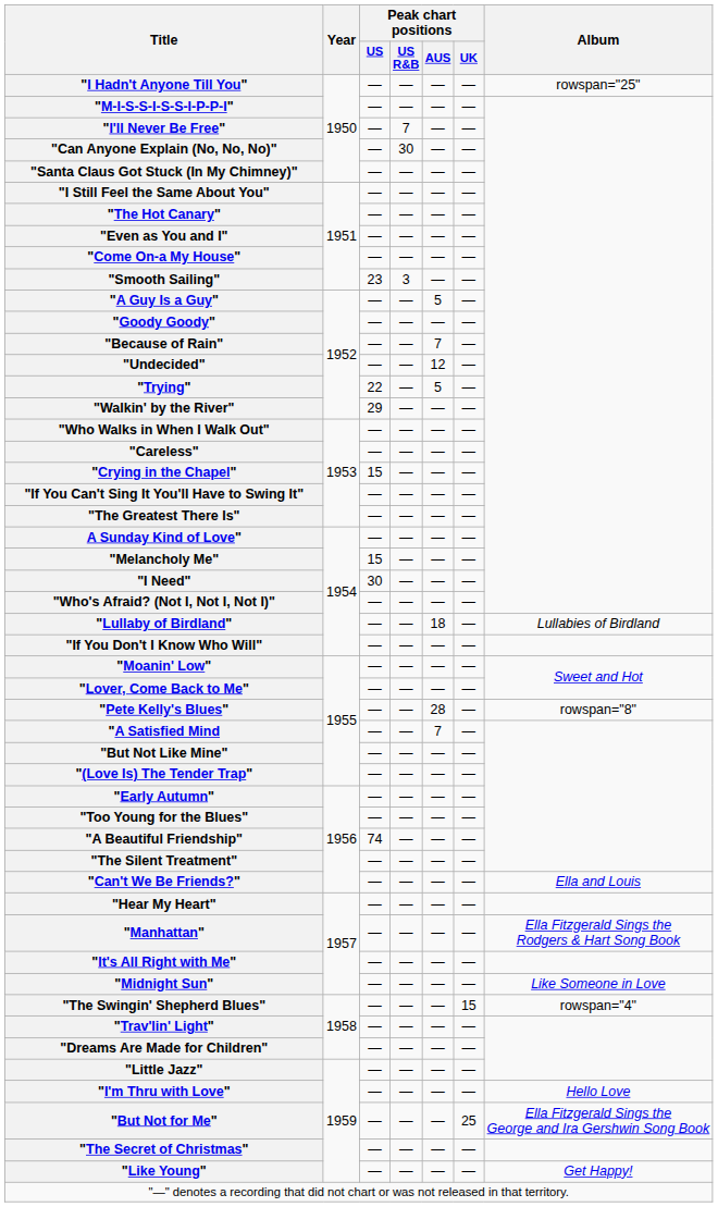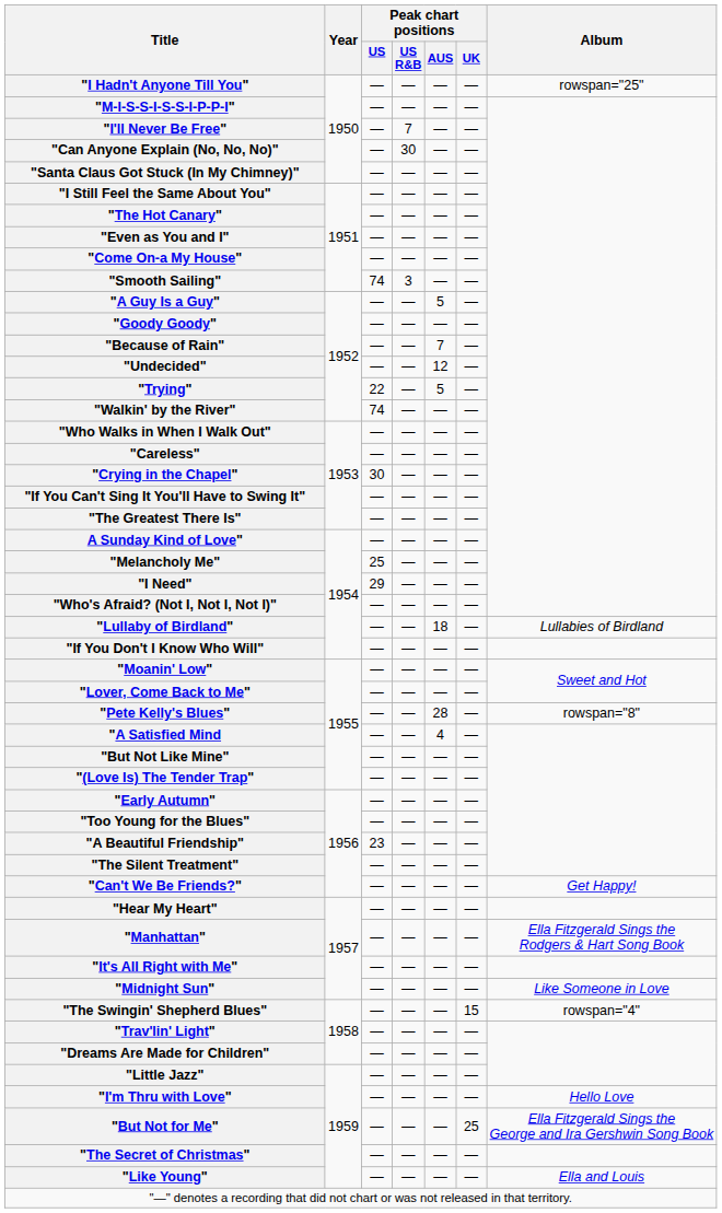 <table class="wikitable plainrowheaders" style="text-align:center;" border="1">
 <tr>
 <th scope="col" rowspan="2" style="width:23em;">Title</th>
 <th scope="col" rowspan="2">Year</th>
 <th scope="col" colspan="4">Peak chart positions</th>
 <th scope="col" rowspan="2">Album</th>
 </tr>
 <tr>
 <th scope="col" style="width:2em;font-size:90%;"><a href='#'>US</a><br><br></th>
 <th scope="col" style="width:2em;font-size:90%;"><a href='#'>US<br>R&B</a><br></th>
 <th scope="col" style="width:2em;font-size:90%;"><a href='#'>AUS</a><br></th>
 <th scope="col" style="width:2em;font-size:90%;"><a href='#'>UK</a><br></th>
 </tr>
 <tr>
 <th scope="row">"<a href='#'>I Hadn't Anyone Till You</a>"</th>
 <td rowspan="5">1950</td>
 <td>—</td>
 <td>—</td>
 <td>—</td>
 <td>—</td>
 <td>rowspan="25" </td>
 </tr>
 <tr>
 <th scope="row">"<a href='#'>M-I-S-S-I-S-S-I-P-P-I</a>"<br></th>
 <td>—</td>
 <td>—</td>
 <td>—</td>
 <td>—</td>
 </tr>
 <tr>
 <th scope="row">"<a href='#'>I'll Never Be Free</a>"<br></th>
 <td>—</td>
 <td>7</td>
 <td>—</td>
 <td>—</td>
 </tr>
 <tr>
 <th scope="row">"Can Anyone Explain (No, No, No)"<br></th>
 <td>—</td>
 <td>30</td>
 <td>—</td>
 <td>—</td>
 </tr>
 <tr>
 <th scope="row">"Santa Claus Got Stuck (In My Chimney)"</th>
 <td>—</td>
 <td>—</td>
 <td>—</td>
 <td>—</td>
 </tr>
 <tr>
 <th scope="row">"I Still Feel the Same About You"<br></th>
 <td rowspan="5">1951</td>
 <td>—</td>
 <td>—</td>
 <td>—</td>
 <td>—</td>
 </tr>
 <tr>
 <th scope="row">"<a href='#'>The Hot Canary</a>"<br></th>
 <td>—</td>
 <td>—</td>
 <td>—</td>
 <td>—</td>
 </tr>
 <tr>
 <th scope="row">"Even as You and I"</th>
 <td>—</td>
 <td>—</td>
 <td>—</td>
 <td>—</td>
 </tr>
 <tr>
 <th scope="row">"<a href='#'>Come On-a My House</a>"</th>
 <td>—</td>
 <td>—</td>
 <td>—</td>
 <td>—</td>
 </tr>
 <tr>
 <th scope="row">"Smooth Sailing"</th>
-<td>23</td>
+<td>74</td>
 <td>3</td>
 <td>—</td>
 <td>—</td>
 </tr>
 <tr>
 <th scope="row">"<a href='#'>A Guy Is a Guy</a>"</th>
 <td rowspan="6">1952</td>
 <td>—</td>
 <td>—</td>
 <td>5</td>
 <td>—</td>
 </tr>
 <tr>
 <th scope="row">"<a href='#'>Goody Goody</a>"</th>
 <td>—</td>
 <td>—</td>
 <td>—</td>
 <td>—</td>
 </tr>
 <tr>
 <th scope="row">"Because of Rain"</th>
 <td>—</td>
 <td>—</td>
 <td>7</td>
 <td>—</td>
 </tr>
 <tr>
 <th scope="row">"Undecided"</th>
 <td>—</td>
 <td>—</td>
 <td>12</td>
 <td>—</td>
 </tr>
 <tr>
 <th scope="row">"<a href='#'>Trying</a>"</th>
 <td>22</td>
 <td>—</td>
 <td>5</td>
 <td>—</td>
 </tr>
 <tr>
 <th scope="row">"Walkin' by the River"</th>
-<td>29</td>
+<td>74</td>
 <td>—</td>
 <td>—</td>
 <td>—</td>
 </tr>
 <tr>
 <th scope="row">"Who Walks in When I Walk Out"<br></th>
 <td rowspan="5">1953</td>
 <td>—</td>
 <td>—</td>
 <td>—</td>
 <td>—</td>
 </tr>
 <tr>
 <th scope="row">"Careless"</th>
 <td>—</td>
 <td>—</td>
 <td>—</td>
 <td>—</td>
 </tr>
 <tr>
 <th scope="row">"<a href='#'>Crying in the Chapel</a>"</th>
-<td>15</td>
+<td>30</td>
 <td>—</td>
 <td>—</td>
 <td>—</td>
 </tr>
 <tr>
 <th scope="row">"If You Can't Sing It You'll Have to Swing It"</th>
 <td>—</td>
 <td>—</td>
 <td>—</td>
 <td>—</td>
 </tr>
 <tr>
 <th scope="row">"The Greatest There Is"</th>
 <td>—</td>
 <td>—</td>
 <td>—</td>
 <td>—</td>
 </tr>
 <tr>
 <th scope="row"><a href='#'>A Sunday Kind of Love</a>"</th>
 <td rowspan="6">1954</td>
 <td>—</td>
 <td>—</td>
 <td>—</td>
 <td>—</td>
 </tr>
 <tr>
 <th scope="row">"Melancholy Me"</th>
-<td>15</td>
+<td>25</td>
 <td>—</td>
 <td>—</td>
 <td>—</td>
 </tr>
 <tr>
 <th scope="row">"I Need"</th>
-<td>30</td>
+<td>29</td>
 <td>—</td>
 <td>—</td>
 <td>—</td>
 </tr>
 <tr>
 <th scope="row">"Who's Afraid? (Not I, Not I, Not I)"<br></th>
 <td>—</td>
 <td>—</td>
 <td>—</td>
 <td>—</td>
 </tr>
 <tr>
 <th scope="row">"<a href='#'>Lullaby of Birdland</a>"</th>
 <td>—</td>
 <td>—</td>
 <td>18</td>
 <td>—</td>
 <td><em>Lullabies of Birdland</em></td>
 </tr>
 <tr>
 <th scope="row">"If You Don't I Know Who Will"</th>
 <td>—</td>
 <td>—</td>
 <td>—</td>
 <td>—</td>
 <td></td>
 </tr>
 <tr>
 <th scope="row">"<a href='#'>Moanin' Low</a>"</th>
 <td rowspan="6">1955</td>
 <td>—</td>
 <td>—</td>
 <td>—</td>
 <td>—</td>
 <td rowspan="2"><em><a href='#'>Sweet and Hot</a></em></td>
 </tr>
 <tr>
 <th scope="row">"<a href='#'>Lover, Come Back to Me</a>"</th>
 <td>—</td>
 <td>—</td>
 <td>—</td>
 <td>—</td>
 </tr>
 <tr>
 <th scope="row">"<a href='#'>Pete Kelly's Blues</a>"</th>
 <td>—</td>
 <td>—</td>
 <td>28</td>
 <td>—</td>
 <td>rowspan="8" </td>
 </tr>
 <tr>
 <th scope="row">"<a href='#'>A Satisfied Mind</a></th>
 <td>—</td>
 <td>—</td>
-<td>7</td>
+<td>4</td>
 <td>—</td>
 </tr>
 <tr>
 <th scope="row">"But Not Like Mine"</th>
 <td>—</td>
 <td>—</td>
 <td>—</td>
 <td>—</td>
 </tr>
 <tr>
 <th scope="row">"<a href='#'>(Love Is) The Tender Trap</a>"</th>
 <td>—</td>
 <td>—</td>
 <td>—</td>
 <td>—</td>
 </tr>
 <tr>
 <th scope="row">"<a href='#'>Early Autumn</a>"</th>
 <td rowspan="5">1956</td>
 <td>—</td>
 <td>—</td>
 <td>—</td>
 <td>—</td>
 </tr>
 <tr>
 <th scope="row">"Too Young for the Blues"</th>
 <td>—</td>
 <td>—</td>
 <td>—</td>
 <td>—</td>
 </tr>
 <tr>
 <th scope="row">"A Beautiful Friendship"</th>
-<td>74</td>
+<td>23</td>
 <td>—</td>
 <td>—</td>
 <td>—</td>
 </tr>
 <tr>
 <th scope="row">"The Silent Treatment"</th>
 <td>—</td>
 <td>—</td>
 <td>—</td>
 <td>—</td>
 </tr>
 <tr>
 <th scope="row">"<a href='#'>Can't We Be Friends?</a>"<br></th>
 <td>—</td>
 <td>—</td>
 <td>—</td>
 <td>—</td>
-<td><em><a href='#'>Ella and Louis</a></em></td>
+<td><em><a href='#'>Get Happy!</a></em></td>
 </tr>
 <tr>
 <th scope="row">"Hear My Heart"</th>
 <td rowspan="4">1957</td>
 <td>—</td>
 <td>—</td>
 <td>—</td>
 <td>—</td>
 <td></td>
 </tr>
 <tr>
 <th scope="row">"<a href='#'>Manhattan</a>"</th>
 <td>—</td>
 <td>—</td>
 <td>—</td>
 <td>—</td>
 <td><em><a href='#'>Ella Fitzgerald Sings the<br>Rodgers & Hart Song Book</a></em></td>
 </tr>
 <tr>
 <th scope="row">"<a href='#'>It's All Right with Me</a>"</th>
 <td>—</td>
 <td>—</td>
 <td>—</td>
 <td>—</td>
 <td></td>
 </tr>
 <tr>
 <th scope="row">"<a href='#'>Midnight Sun</a>"</th>
 <td>—</td>
 <td>—</td>
 <td>—</td>
 <td>—</td>
 <td><em><a href='#'>Like Someone in Love</a></em></td>
 </tr>
 <tr>
 <th scope="row">"The Swingin' Shepherd Blues"</th>
 <td rowspan="3">1958</td>
 <td>—</td>
 <td>—</td>
 <td>—</td>
 <td>15</td>
 <td>rowspan="4" </td>
 </tr>
 <tr>
 <th scope="row">"<a href='#'>Trav'lin' Light</a>"</th>
 <td>—</td>
 <td>—</td>
 <td>—</td>
 <td>—</td>
 </tr>
 <tr>
 <th scope="row">"Dreams Are Made for Children"</th>
 <td>—</td>
 <td>—</td>
 <td>—</td>
 <td>—</td>
 </tr>
 <tr>
 <th scope="row">"Little Jazz"</th>
 <td rowspan="5">1959</td>
 <td>—</td>
 <td>—</td>
 <td>—</td>
 <td>—</td>
 </tr>
 <tr>
 <th scope="row">"<a href='#'>I'm Thru with Love</a>"</th>
 <td>—</td>
 <td>—</td>
 <td>—</td>
 <td>—</td>
 <td><em><a href='#'>Hello Love</a></em></td>
 </tr>
 <tr>
 <th scope="row">"<a href='#'>But Not for Me</a>"</th>
 <td>—</td>
 <td>—</td>
 <td>—</td>
 <td>25</td>
 <td><em><a href='#'>Ella Fitzgerald Sings the<br>George and Ira Gershwin Song Book</a></em></td>
 </tr>
 <tr>
 <th scope="row">"<a href='#'>The Secret of Christmas</a>"</th>
 <td>—</td>
 <td>—</td>
 <td>—</td>
 <td>—</td>
 <td></td>
 </tr>
 <tr>
 <th scope="row">"<a href='#'>Like Young</a>"</th>
 <td>—</td>
 <td>—</td>
 <td>—</td>
 <td>—</td>
-<td><em><a href='#'>Get Happy!</a></em></td>
+<td><em><a href='#'>Ella and Louis</a></em></td>
 </tr>
 <tr>
 <td colspan="7" style="font-size:90%">"—" denotes a recording that did not chart or was not released in that territory.</td>
 </tr>
 </table>
